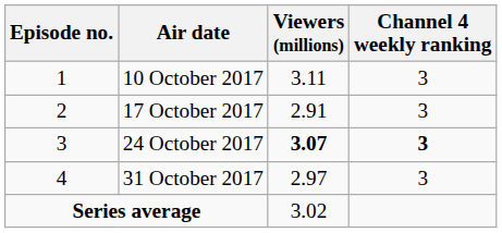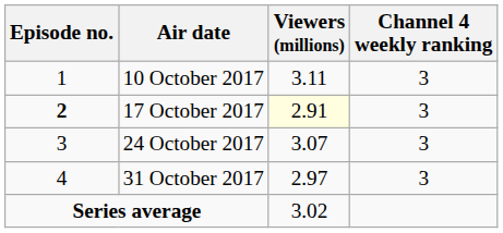 <table class="wikitable" style="text-align:center;">
 <tr>
 <th>Episode no.</th>
 <th>Air date</th>
 <th>Viewers<br><small>(millions)</small></th>
 <th>Channel 4<br>weekly ranking</th>
 </tr>
 <tr>
 <td>1</td>
 <td>10 October 2017</td>
 <td>3.11</td>
 <td>3</td>
 </tr>
 <tr>
-<td>2</td>
+<td><strong>2</strong></td>
 <td>17 October 2017</td>
-<td>2.91</td>
+<td style="background: lightyellow;">2.91</td>
 <td>3</td>
 </tr>
 <tr>
 <td>3</td>
 <td>24 October 2017</td>
-<td><strong>3.07</strong></td>
-<td><strong>3</strong></td>
+<td>3.07</td>
+<td>3</td>
 </tr>
 <tr>
 <td>4</td>
 <td>31 October 2017</td>
 <td>2.97</td>
 <td>3</td>
 </tr>
 <tr>
 <td colspan=2><strong>Series average</strong></td>
 <td>3.02</td>
 <td></td>
 </tr>
 </table>
